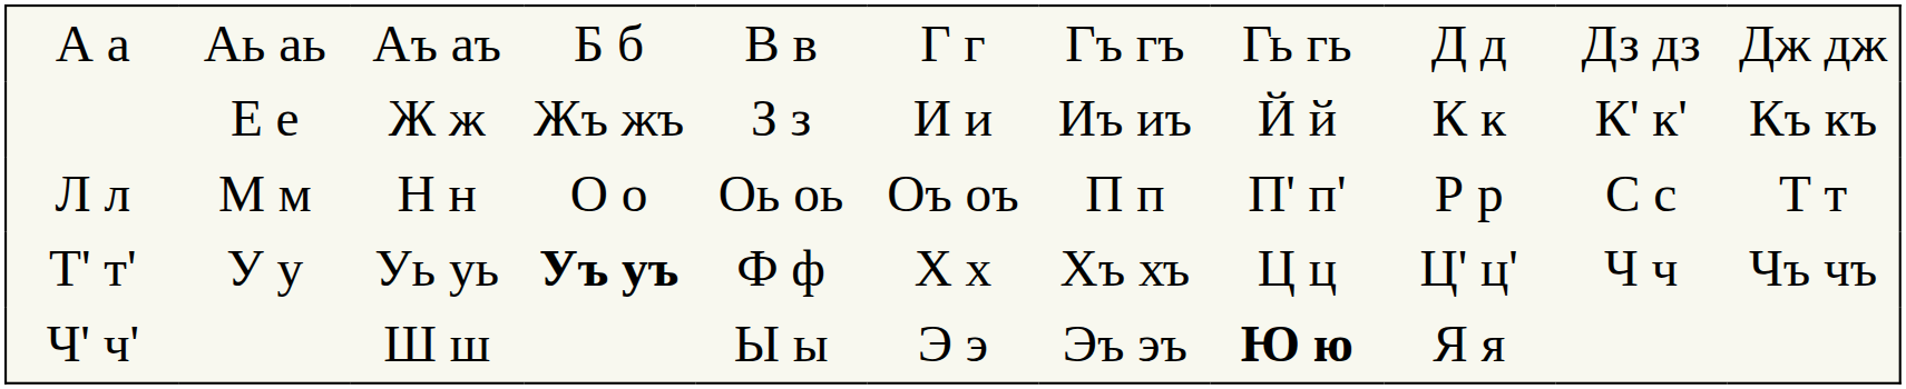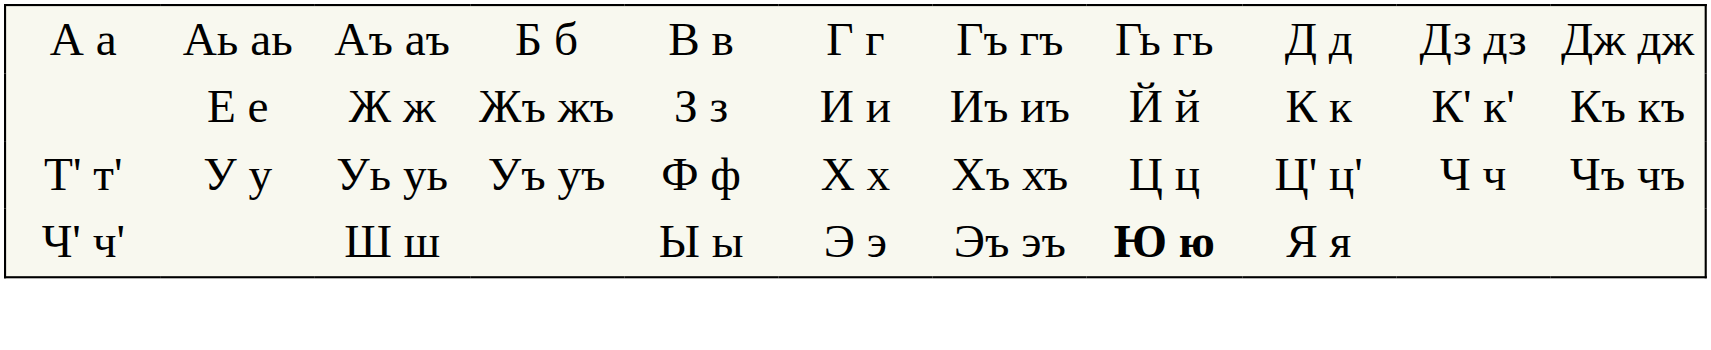 <table style="font-family:Arial Unicode MS; font-size:1.4em; border-color:#000000; border-width:1px; border-style:solid; border-collapse:collapse; background-color:#F8F8EF">
 <tr>
 <td style="width:3em; text-align:center; padding: 3px;">А а</td>
 <td style="width:3em; text-align:center; padding: 3px;">Аь аь</td>
 <td style="width:3em; text-align:center; padding: 3px;">Аъ аъ</td>
 <td style="width:3em; text-align:center; padding: 3px;">Б б</td>
 <td style="width:3em; text-align:center; padding: 3px;">В в</td>
 <td style="width:3em; text-align:center; padding: 3px;">Г г</td>
 <td style="width:3em; text-align:center; padding: 3px;">Гъ гъ</td>
 <td style="width:3em; text-align:center; padding: 3px;">Гь гь</td>
 <td style="width:3em; text-align:center; padding: 3px;">Д д</td>
 <td style="width:3em; text-align:center; padding: 3px;">Дз дз</td>
 <td style="width:3em; text-align:center; padding: 3px;">Дж дж</td>
 </tr>
 <tr>
 <td style="width:3em; text-align:center; padding: 3px;"></td>
 <td style="width:3em; text-align:center; padding: 3px;">Е е</td>
 <td style="width:3em; text-align:center; padding: 3px;">Ж ж</td>
 <td style="width:3em; text-align:center; padding: 3px;">Жъ жъ</td>
 <td style="width:3em; text-align:center; padding: 3px;">З з</td>
 <td style="width:3em; text-align:center; padding: 3px;">И и</td>
 <td style="width:3em; text-align:center; padding: 3px;">Иъ иъ</td>
 <td style="width:3em; text-align:center; padding: 3px;">Й й</td>
 <td style="width:3em; text-align:center; padding: 3px;">К к</td>
 <td style="width:3em; text-align:center; padding: 3px;">К' к'</td>
 <td style="width:3em; text-align:center; padding: 3px;">Къ къ</td>
 </tr>
 <tr>
-<td style="width:3em; text-align:center; padding: 3px;">Л л</td>
-<td style="width:3em; text-align:center; padding: 3px;">М м</td>
-<td style="width:3em; text-align:center; padding: 3px;">Н н</td>
-<td style="width:3em; text-align:center; padding: 3px;">О о</td>
-<td style="width:3em; text-align:center; padding: 3px;">Оь оь</td>
-<td style="width:3em; text-align:center; padding: 3px;">Оъ оъ</td>
-<td style="width:3em; text-align:center; padding: 3px;">П п</td>
-<td style="width:3em; text-align:center; padding: 3px;">П' п'</td>
-<td style="width:3em; text-align:center; padding: 3px;">Р р</td>
-<td style="width:3em; text-align:center; padding: 3px;">С с</td>
-<td style="width:3em; text-align:center; padding: 3px;">Т т</td>
-</tr>
-<tr>
 <td style="width:3em; text-align:center; padding: 3px;">Т' т'</td>
 <td style="width:3em; text-align:center; padding: 3px;">У у</td>
 <td style="width:3em; text-align:center; padding: 3px;">Уь уь</td>
-<td style="width:3em; text-align:center; padding: 3px;"><strong>Уъ уъ</strong></td>
+<td style="width:3em; text-align:center; padding: 3px;">Уъ уъ</td>
 <td style="width:3em; text-align:center; padding: 3px;">Ф ф</td>
 <td style="width:3em; text-align:center; padding: 3px;">Х х</td>
 <td style="width:3em; text-align:center; padding: 3px;">Хъ хъ</td>
 <td style="width:3em; text-align:center; padding: 3px;">Ц ц</td>
 <td style="width:3em; text-align:center; padding: 3px;">Ц' ц'</td>
 <td style="width:3em; text-align:center; padding: 3px;">Ч ч</td>
 <td style="width:3em; text-align:center; padding: 3px;">Чъ чъ</td>
 </tr>
 <tr>
 <td style="width:3em; text-align:center; padding: 3px;">Ч' ч'</td>
 <td style="width:3em; text-align:center; padding: 3px;"></td>
 <td style="width:3em; text-align:center; padding: 3px;">Ш ш</td>
 <td style="width:3em; text-align:center; padding: 3px;"></td>
 <td style="width:3em; text-align:center; padding: 3px;">Ы ы</td>
 <td style="width:3em; text-align:center; padding: 3px;">Э э</td>
 <td style="width:3em; text-align:center; padding: 3px;">Эъ эъ</td>
 <td style="width:3em; text-align:center; padding: 3px;"><strong>Ю ю</strong></td>
 <td style="width:3em; text-align:center; padding: 3px;">Я я</td>
 <td></td>
 <td></td>
 </tr>
 </table>
